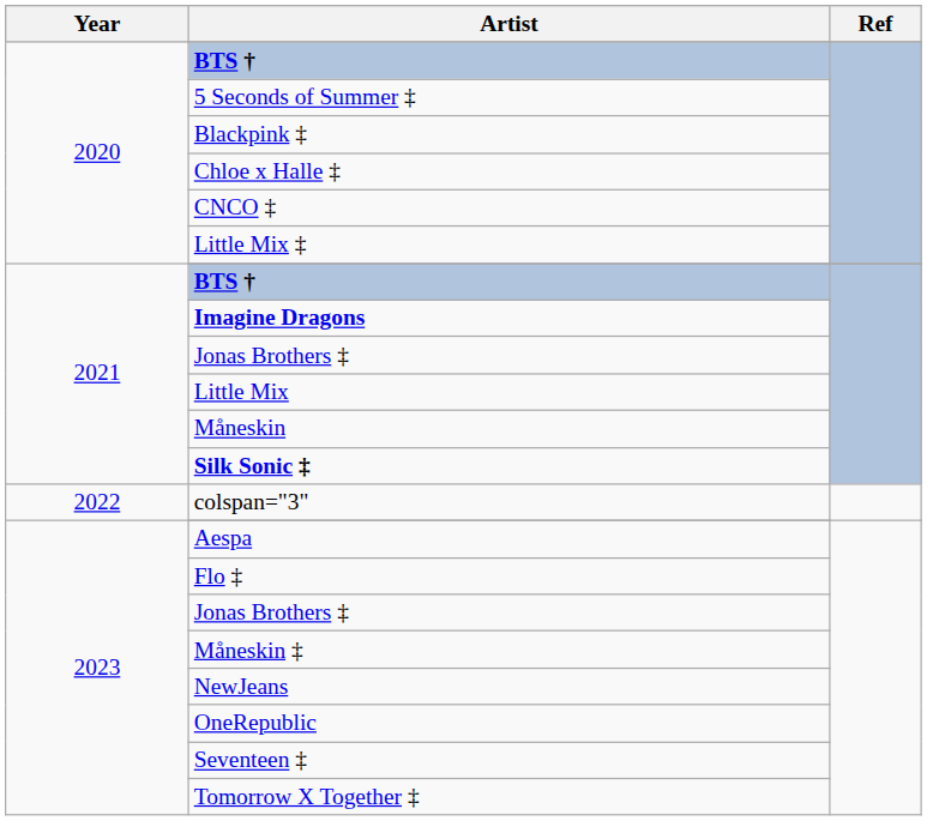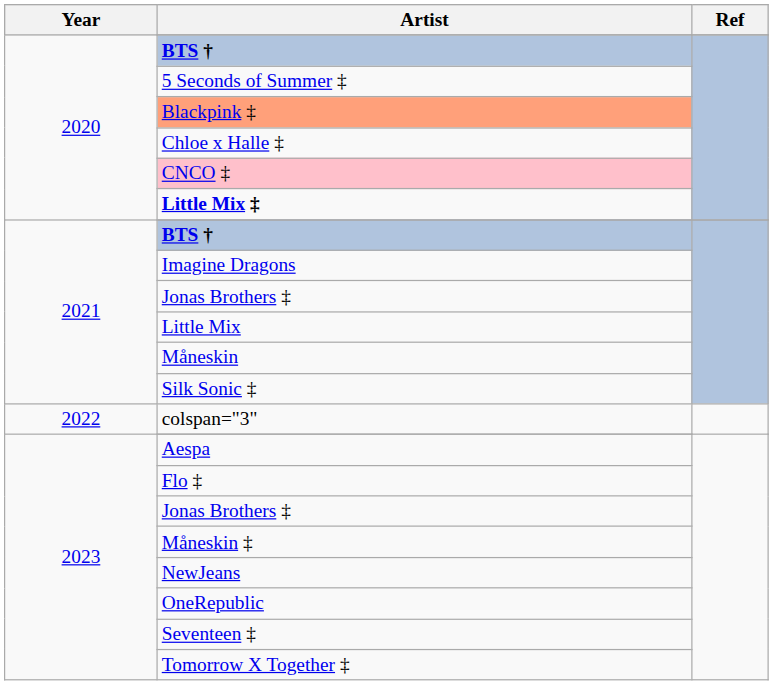 <table class="wikitable" style="width:50%;">
 <tr style="background:#bebebe;">
 <th style="width:10%;">Year</th>
 <th style="width:35%;">Artist</th>
 <th style="width:5%;">Ref</th>
 </tr>
 <tr>
 <td rowspan="7" align="center"><a href='#'>2020</a></td>
 </tr>
 <tr style="background:#B0C4DE">
 <td><strong><a href='#'>BTS</a> †</strong></td>
 <td rowspan="6" align="center"></td>
 </tr>
 <tr>
 <td><a href='#'>5 Seconds of Summer</a> ‡</td>
 </tr>
 <tr>
-<td><a href='#'>Blackpink</a> ‡</td>
+<td style="background: lightsalmon;"><a href='#'>Blackpink</a> ‡</td>
 </tr>
 <tr>
 <td><a href='#'>Chloe x Halle</a> ‡</td>
 </tr>
 <tr>
-<td><a href='#'>CNCO</a> ‡</td>
+<td style="background: pink;"><a href='#'>CNCO</a> ‡</td>
 </tr>
 <tr>
-<td><a href='#'>Little Mix</a> ‡</td>
+<td><strong><a href='#'>Little Mix</a> ‡</strong></td>
 </tr>
 <tr>
 <td rowspan="7" align="center"><a href='#'>2021</a></td>
 </tr>
 <tr style="background:#B0C4DE">
 <td><strong><a href='#'>BTS</a> †</strong></td>
 <td rowspan="6" align="center"></td>
 </tr>
 <tr>
-<td><strong><a href='#'>Imagine Dragons</a></strong></td>
+<td><a href='#'>Imagine Dragons</a></td>
 </tr>
 <tr>
 <td><a href='#'>Jonas Brothers</a> ‡</td>
 </tr>
 <tr>
 <td><a href='#'>Little Mix</a></td>
 </tr>
 <tr>
 <td><a href='#'>Måneskin</a></td>
 </tr>
 <tr>
-<td><strong><a href='#'>Silk Sonic</a> ‡</strong></td>
+<td><a href='#'>Silk Sonic</a> ‡</td>
 </tr>
 <tr>
 <td align="center"><a href='#'>2022</a></td>
 <td>colspan="3" </td>
 </tr>
 <tr>
 <td rowspan="9" align="center"><a href='#'>2023</a></td>
 </tr>
 <tr>
 <td><a href='#'>Aespa</a></td>
 <td rowspan="8" align="center"></td>
 </tr>
 <tr>
 <td><a href='#'>Flo</a> ‡</td>
 </tr>
 <tr>
 <td><a href='#'>Jonas Brothers</a> ‡</td>
 </tr>
 <tr>
 <td><a href='#'>Måneskin</a> ‡</td>
 </tr>
 <tr>
 <td><a href='#'>NewJeans</a></td>
 </tr>
 <tr>
 <td><a href='#'>OneRepublic</a></td>
 </tr>
 <tr>
 <td><a href='#'>Seventeen</a> ‡</td>
 </tr>
 <tr>
 <td><a href='#'>Tomorrow X Together</a> ‡</td>
 </tr>
 </table>
